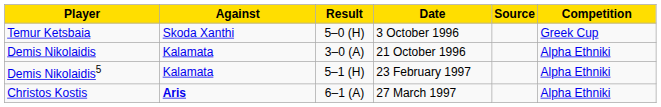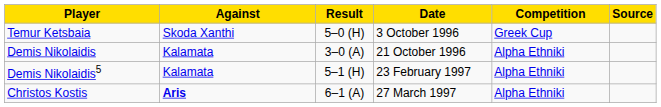 <table class="wikitable">
 <tr>
 <th width=200 style="background:#FFDE00">Player</th>
 <th width=200 style="background:#FFDE00">Against</th>
 <th width=70 style="background:#FFDE00">Result</th>
 <th width=150 style="background:#FFDE00">Date</th>
+<th width=150 style="background:#FFDE00">Competition</th>
 <th style="background:#FFDE00">Source</th>
-<th width=150 style="background:#FFDE00">Competition</th>
 </tr>
 <tr>
 <td> <a href='#'>Temur Ketsbaia</a></td>
 <td> <a href='#'>Skoda Xanthi</a></td>
 <td align=center>5–0 (H)</td>
 <td>3 October 1996</td>
+<td><a href='#'>Greek Cup</a></td>
 <td align=center></td>
-<td><a href='#'>Greek Cup</a></td>
 </tr>
 <tr>
 <td> <a href='#'>Demis Nikolaidis</a></td>
 <td> <a href='#'>Kalamata</a></td>
 <td align=center>3–0 (A)</td>
 <td>21 October 1996</td>
+<td><a href='#'>Alpha Ethniki</a></td>
 <td align=center></td>
-<td><a href='#'>Alpha Ethniki</a></td>
 </tr>
 <tr>
 <td> <a href='#'>Demis Nikolaidis</a><sup>5</sup></td>
 <td> <a href='#'>Kalamata</a></td>
 <td align=center>5–1 (H)</td>
 <td>23 February 1997</td>
+<td><a href='#'>Alpha Ethniki</a></td>
 <td align=center></td>
-<td><a href='#'>Alpha Ethniki</a></td>
 </tr>
 <tr>
 <td> <a href='#'>Christos Kostis</a></td>
 <td><strong> <a href='#'>Aris</a></strong></td>
 <td align=center>6–1 (A)</td>
 <td>27 March 1997</td>
+<td><a href='#'>Alpha Ethniki</a></td>
 <td align=center></td>
-<td><a href='#'>Alpha Ethniki</a></td>
 </tr>
 </table>
